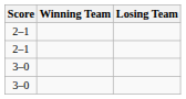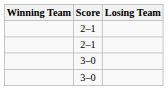 <table class=wikitable style="border:1px solid #AAAAAA;">
 <tr>
+<th>Winning Team</th>
 <th>Score</th>
-<th>Winning Team</th>
 <th>Losing Team</th>
 </tr>
 <tr>
+<td><strong></strong></td>
 <td align="center">2–1</td>
-<td><strong></strong></td>
 <td></td>
 </tr>
 <tr>
+<td><strong></strong></td>
 <td align="center">2–1</td>
-<td><strong></strong></td>
 <td></td>
 </tr>
 <tr>
+<td><strong></strong></td>
 <td align="center">3–0</td>
-<td><strong></strong></td>
 <td></td>
 </tr>
 <tr>
+<td><strong></strong></td>
 <td align="center">3–0</td>
-<td><strong></strong></td>
 <td></td>
 </tr>
 </table>
